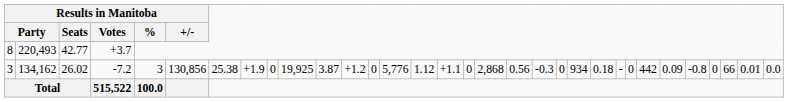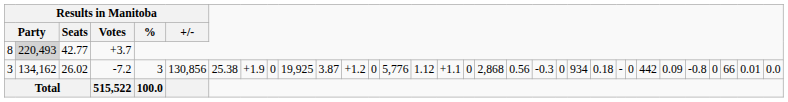 <table class="wikitable">
 <tr>
 <th align="center" colspan=6>Results in Manitoba</th>
 </tr>
 <tr>
 <th align="centre" colspan=2>Party</th>
 <th align="right">Seats</th>
 <th align="right">Votes</th>
 <th align="right">%</th>
 <th align="right">+/-</th>
 </tr>
 <tr>
 <td align="right">8</td>
-<td align="right">220,493</td>
+<td align="right" style="background: lightgrey;">220,493</td>
 <td align="right">42.77</td>
 <td align="right">+3.7</td>
 </tr>
 <tr>
 <td align="right">3</td>
 <td align="right">134,162</td>
 <td align="right">26.02</td>
 <td align="right">-7.2<br></td>
 <td align="right">3</td>
 <td align="right">130,856</td>
 <td align="right">25.38</td>
 <td align="right">+1.9<br></td>
 <td align="right">0</td>
 <td align="right">19,925</td>
 <td align="right">3.87</td>
 <td align="right">+1.2<br></td>
 <td align="right">0</td>
 <td align="right">5,776</td>
 <td align="right">1.12</td>
 <td align="right">+1.1<br></td>
 <td align="right">0</td>
 <td align="right">2,868</td>
 <td align="right">0.56</td>
 <td align="right">-0.3<br></td>
 <td align="right">0</td>
 <td align="right">934</td>
 <td align="right">0.18</td>
 <td align="right">-<br></td>
 <td align="right">0</td>
 <td align="right">442</td>
 <td align="right">0.09</td>
 <td align="right">-0.8<br></td>
 <td align="right">0</td>
 <td align="right">66</td>
 <td align="right">0.01</td>
 <td align="right">0.0</td>
 </tr>
 <tr bgcolor="white">
 <th align="left" colspan=3>Total</th>
 <th align="right">515,522</th>
 <th align="right">100.0</th>
 <th align="right"></th>
 </tr>
 </table>
